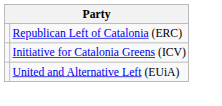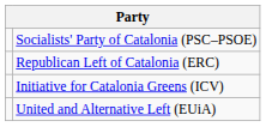 <table class="wikitable" style="text-align:left; font-size:95%;">
 <tr>
 <th colspan="2">Party</th>
+</tr>
+<tr>
+<td width="1"></td>
+<td><a href='#'>Socialists' Party of Catalonia</a> (PSC–PSOE)</td>
 </tr>
 <tr>
 <td></td>
 <td><a href='#'>Republican Left of Catalonia</a> (ERC)</td>
 </tr>
 <tr>
 <td></td>
 <td><a href='#'>Initiative for Catalonia Greens</a> (ICV)</td>
 </tr>
 <tr>
 <td></td>
 <td><a href='#'>United and Alternative Left</a> (EUiA)</td>
 </tr>
 </table>
